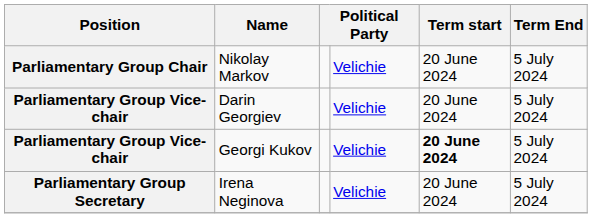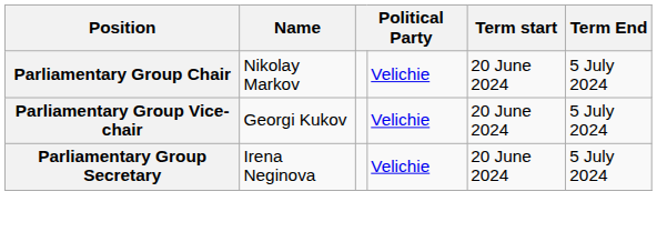 <table class="wikitable plainrowheaders">
 <tr>
 <th>Position</th>
 <th>Name</th>
 <th colspan="2">Political Party</th>
 <th>Term start</th>
 <th>Term End</th>
 </tr>
 <tr>
 <th>Parliamentary Group Chair</th>
 <td>Nikolay Markov</td>
 <td style="background:"></td>
 <td><a href='#'>Velichie</a></td>
 <td>20 June 2024</td>
 <td>5 July 2024</td>
 </tr>
 <tr>
 <th>Parliamentary Group Vice-chair</th>
-<td>Darin Georgiev</td>
+<td>Georgi Kukov</td>
 <td style="background:"></td>
 <td><a href='#'>Velichie</a></td>
 <td>20 June 2024</td>
-<td>5 July 2024</td>
-</tr>
-<tr>
-<th>Parliamentary Group Vice-chair</th>
-<td>Georgi Kukov</td>
-<td style="background:"></td>
-<td><a href='#'>Velichie</a></td>
-<td><strong>20 June 2024</strong></td>
 <td>5 July 2024</td>
 </tr>
 <tr>
 <th>Parliamentary Group Secretary</th>
 <td>Irena Neginova</td>
 <td style="background:"></td>
 <td><a href='#'>Velichie</a></td>
 <td>20 June 2024</td>
 <td>5 July 2024</td>
 </tr>
 <tr>
 </tr>
 </table>
